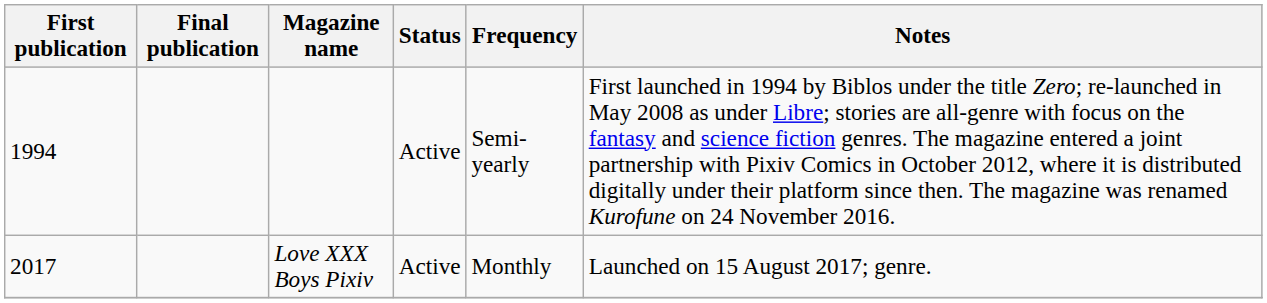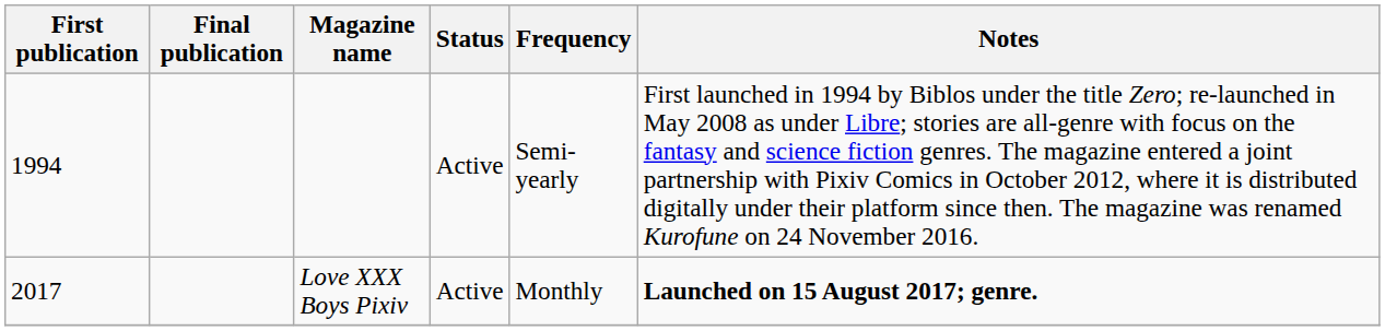 <table class="wikitable sortable">
 <tr>
 <th>First publication</th>
 <th>Final publication</th>
 <th>Magazine name</th>
 <th>Status</th>
 <th>Frequency</th>
 <th class="unsortable">Notes</th>
 </tr>
 <tr>
 <td>1994</td>
 <td></td>
 <td></td>
 <td>Active</td>
 <td>Semi-yearly</td>
 <td>First launched in 1994 by Biblos under the title <em>Zero</em>; re-launched in May 2008 as  under <a href='#'>Libre</a>; stories are all-genre with focus on the <a href='#'>fantasy</a> and <a href='#'>science fiction</a> genres. The magazine entered a joint partnership with Pixiv Comics in October 2012, where it is distributed digitally under their platform since then. The magazine was renamed <em>Kurofune</em> on 24 November 2016.</td>
 </tr>
 <tr>
 <td>2017</td>
 <td></td>
 <td><em>Love XXX Boys Pixiv</em><br></td>
 <td>Active</td>
 <td>Monthly</td>
-<td>Launched on 15 August 2017;  genre.</td>
+<td><strong>Launched on 15 August 2017;  genre.</strong></td>
 </tr>
 <tr>
 </tr>
 </table>
